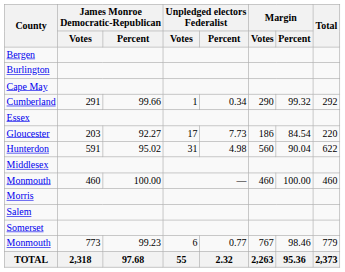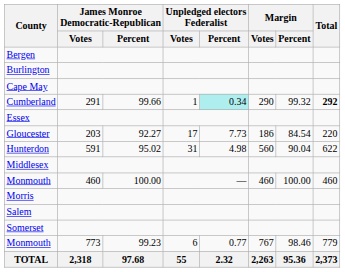 <table class="wikitable sortable">
 <tr>
 <th rowspan=2>County</th>
 <th colspan=2>James Monroe<br>Democratic-Republican</th>
 <th colspan=2>Unpledged electors<br>Federalist</th>
 <th colspan=2>Margin</th>
 <th rowspan=2>Total</th>
 </tr>
 <tr>
 <th>Votes</th>
 <th>Percent</th>
 <th>Votes</th>
 <th>Percent</th>
 <th>Votes</th>
 <th>Percent</th>
 </tr>
 <tr>
 <td><a href='#'>Bergen</a></td>
 <td align=right colspan=2></td>
 <td align=right colspan=2></td>
 <td align=right colspan=2></td>
 <td align=right></td>
 </tr>
 <tr>
 <td><a href='#'>Burlington</a></td>
 <td align=right colspan=2></td>
 <td align=right colspan=2></td>
 <td align=right colspan=2></td>
 <td align=right></td>
 </tr>
 <tr>
 <td><a href='#'>Cape May</a></td>
 <td align=right colspan=2></td>
 <td align=right colspan=2></td>
 <td align=right colspan=2></td>
 <td align=right></td>
 </tr>
 <tr>
 <td><a href='#'>Cumberland</a></td>
 <td align=right>291</td>
 <td align=right>99.66</td>
 <td align=right>1</td>
-<td align=right>0.34</td>
+<td align=right style="background: paleturquoise;">0.34</td>
 <td align=right>290</td>
 <td align=right>99.32</td>
-<td align=right>292</td>
+<td align=right><strong>292</strong></td>
 </tr>
 <tr>
 <td><a href='#'>Essex</a></td>
 <td align=right colspan=2></td>
 <td align=right colspan=2></td>
 <td align=right colspan=2></td>
 <td align=right></td>
 </tr>
 <tr>
 <td><a href='#'>Gloucester</a></td>
 <td align=right>203</td>
 <td align=right>92.27</td>
 <td align=right>17</td>
 <td align=right>7.73</td>
 <td align=right>186</td>
 <td align=right>84.54</td>
 <td align=right>220</td>
 </tr>
 <tr>
 <td><a href='#'>Hunterdon</a></td>
 <td align=right>591</td>
 <td align=right>95.02</td>
 <td align=right>31</td>
 <td align=right>4.98</td>
 <td align=right>560</td>
 <td align=right>90.04</td>
 <td align=right>622</td>
 </tr>
 <tr>
 <td><a href='#'>Middlesex</a></td>
 <td align=right colspan=2></td>
 <td align=right colspan=2></td>
 <td align=right colspan=2></td>
 <td align=right></td>
 </tr>
 <tr>
 <td><a href='#'>Monmouth</a></td>
 <td align=right>460</td>
 <td align=right>100.00</td>
 <td align=right colspan=2>—</td>
 <td align=right>460</td>
 <td align=right>100.00</td>
 <td align=right>460</td>
 </tr>
 <tr>
 <td><a href='#'>Morris</a></td>
 <td align=right colspan=2></td>
 <td align=right colspan=2></td>
 <td align=right colspan=2></td>
 <td align=right></td>
 </tr>
 <tr>
 <td><a href='#'>Salem</a></td>
 <td align=right colspan=2></td>
 <td align=right colspan=2></td>
 <td align=right colspan=2></td>
 <td align=right></td>
 </tr>
 <tr>
 <td><a href='#'>Somerset</a></td>
 <td align=right colspan=2></td>
 <td align=right colspan=2></td>
 <td align=right colspan=2></td>
 <td align=right></td>
 </tr>
 <tr>
 <td><a href='#'>Monmouth</a></td>
 <td align=right>773</td>
 <td align=right>99.23</td>
 <td align=right>6</td>
 <td align=right>0.77</td>
 <td align=right>767</td>
 <td align=right>98.46</td>
 <td align=right>779</td>
 </tr>
 <tr>
 <th>TOTAL</th>
 <th>2,318</th>
 <th>97.68</th>
 <th>55</th>
 <th>2.32</th>
 <th>2,263</th>
 <th>95.36</th>
 <th>2,373</th>
 </tr>
 </table>
